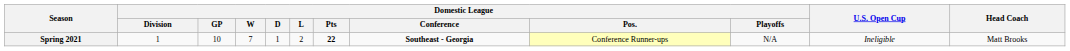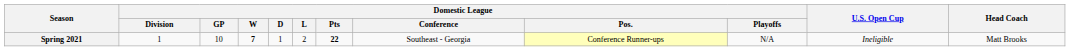 <table class="wikitable" style="text-align:center; font-size:12px; width:100%">
 <tr>
 <th rowspan="2">Season</th>
 <th colspan="9">Domestic League</th>
 <th rowspan="2"><a href='#'>U.S. Open Cup</a></th>
 <th rowspan="2">Head Coach</th>
 </tr>
 <tr>
 <th>Division</th>
 <th>GP</th>
 <th>W</th>
 <th>D</th>
 <th>L</th>
 <th>Pts</th>
 <th>Conference</th>
 <th>Pos.</th>
 <th>Playoffs</th>
 </tr>
 <tr>
 <th>Spring 2021</th>
 <td>1</td>
 <td>10</td>
-<td>7</td>
+<td><strong>7</strong></td>
 <td>1</td>
 <td>2</td>
 <td><strong>22</strong></td>
-<td><strong>Southeast - Georgia</strong></td>
+<td>Southeast - Georgia</td>
 <td style="background:#ffb;">Conference Runner-ups</td>
 <td>N/A</td>
 <td><em>Ineligible</em></td>
 <td> Matt Brooks</td>
 </tr>
 </table>
